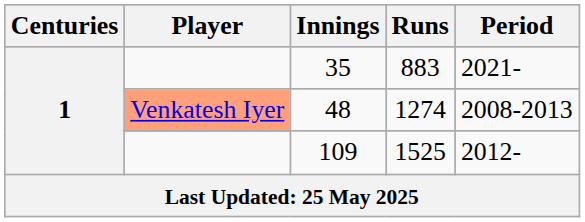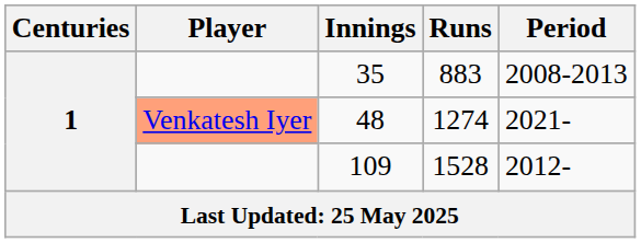 <table class="wikitable" style="text-align:left;font-size:96%;">
 <tr>
 <th>Centuries</th>
 <th>Player</th>
 <th>Innings</th>
 <th>Runs</th>
 <th>Period</th>
 </tr>
 <tr>
 <th scope=row style=text-align:center; rowspan=3>1</th>
 <td></td>
 <td align=center>35</td>
 <td align=center>883</td>
-<td>2021-</td>
+<td>2008-2013</td>
 </tr>
 <tr>
 <td style="background: lightsalmon;"><a href='#'>Venkatesh Iyer</a></td>
 <td align=center>48</td>
 <td align=center>1274</td>
-<td>2008-2013</td>
+<td>2021-</td>
 </tr>
 <tr>
 <td></td>
 <td align=center>109</td>
-<td align=center>1525</td>
+<td align=center>1528</td>
 <td>2012-</td>
 </tr>
 <tr class=sortbottom>
 <th colspan=6><small>Last Updated: 25 May 2025</small></th>
 </tr>
 </table>
